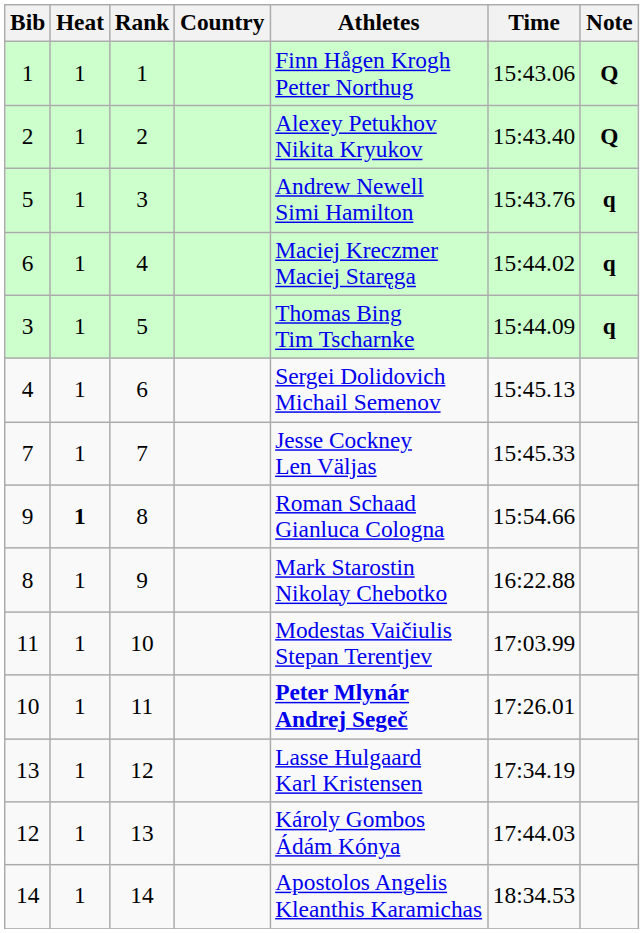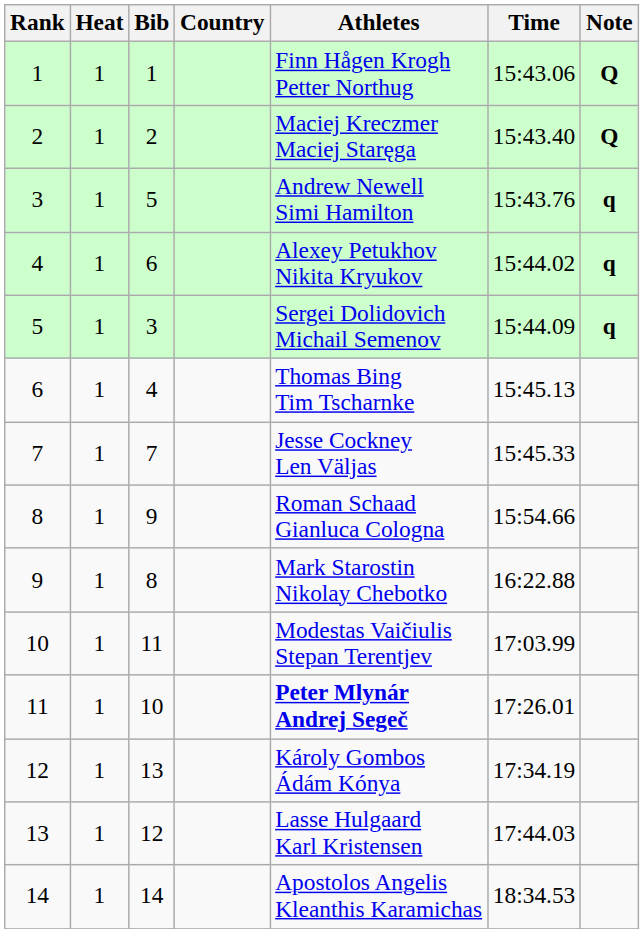 <table class="wikitable sortable" style="text-align:center">
 <tr>
+<th>Rank</th>
+<th>Heat</th>
 <th>Bib</th>
-<th>Heat</th>
-<th>Rank</th>
 <th>Country</th>
 <th>Athletes</th>
 <th>Time</th>
 <th>Note</th>
 </tr>
 <tr bgcolor=ccffcc>
 <td>1</td>
 <td>1</td>
 <td>1</td>
 <td align=left></td>
 <td align=left><a href='#'>Finn Hågen Krogh</a><br><a href='#'>Petter Northug</a></td>
 <td>15:43.06</td>
 <td><strong>Q</strong></td>
 </tr>
 <tr bgcolor=ccffcc>
 <td>2</td>
 <td>1</td>
 <td>2</td>
 <td align=left></td>
-<td align=left><a href='#'>Alexey Petukhov</a><br><a href='#'>Nikita Kryukov</a></td>
+<td align=left><a href='#'>Maciej Kreczmer</a><br><a href='#'>Maciej Staręga</a></td>
 <td>15:43.40</td>
 <td><strong>Q</strong></td>
+</tr>
+<tr bgcolor=ccffcc>
+<td>3</td>
+<td>1</td>
+<td>5</td>
+<td align=left></td>
+<td align=left><a href='#'>Andrew Newell</a><br><a href='#'>Simi Hamilton</a></td>
+<td>15:43.76</td>
+<td><strong>q</strong></td>
+</tr>
+<tr bgcolor=ccffcc>
+<td>4</td>
+<td>1</td>
+<td>6</td>
+<td align=left></td>
+<td align=left><a href='#'>Alexey Petukhov</a><br><a href='#'>Nikita Kryukov</a></td>
+<td>15:44.02</td>
+<td><strong>q</strong></td>
 </tr>
 <tr bgcolor=ccffcc>
 <td>5</td>
 <td>1</td>
 <td>3</td>
 <td align=left></td>
-<td align=left><a href='#'>Andrew Newell</a><br><a href='#'>Simi Hamilton</a></td>
-<td>15:43.76</td>
+<td align=left><a href='#'>Sergei Dolidovich</a><br><a href='#'>Michail Semenov</a></td>
+<td>15:44.09</td>
 <td><strong>q</strong></td>
 </tr>
-<tr bgcolor=ccffcc>
+<tr>
 <td>6</td>
 <td>1</td>
 <td>4</td>
 <td align=left></td>
-<td align=left><a href='#'>Maciej Kreczmer</a><br><a href='#'>Maciej Staręga</a></td>
-<td>15:44.02</td>
-<td><strong>q</strong></td>
-</tr>
-<tr bgcolor=ccffcc>
-<td>3</td>
-<td>1</td>
-<td>5</td>
-<td align=left></td>
 <td align=left><a href='#'>Thomas Bing</a><br><a href='#'>Tim Tscharnke</a></td>
-<td>15:44.09</td>
-<td><strong>q</strong></td>
-</tr>
-<tr>
-<td>4</td>
-<td>1</td>
-<td>6</td>
-<td align=left></td>
-<td align=left><a href='#'>Sergei Dolidovich</a><br><a href='#'>Michail Semenov</a></td>
 <td>15:45.13</td>
 <td></td>
 </tr>
 <tr>
 <td>7</td>
 <td>1</td>
 <td>7</td>
 <td align=left></td>
 <td align=left><a href='#'>Jesse Cockney</a><br><a href='#'>Len Väljas</a></td>
 <td>15:45.33</td>
 <td></td>
 </tr>
 <tr>
+<td>8</td>
+<td>1</td>
 <td>9</td>
-<td><strong>1</strong></td>
-<td>8</td>
 <td align=left></td>
 <td align=left><a href='#'>Roman Schaad</a><br><a href='#'>Gianluca Cologna</a></td>
 <td>15:54.66</td>
 <td></td>
 </tr>
 <tr>
+<td>9</td>
+<td>1</td>
 <td>8</td>
-<td>1</td>
-<td>9</td>
 <td align=left></td>
 <td align=left><a href='#'>Mark Starostin</a><br><a href='#'>Nikolay Chebotko</a></td>
 <td>16:22.88</td>
+<td></td>
+</tr>
+<tr>
+<td>10</td>
+<td>1</td>
+<td>11</td>
+<td align=left></td>
+<td align=left><a href='#'>Modestas Vaičiulis</a><br><a href='#'>Stepan Terentjev</a></td>
+<td>17:03.99</td>
 <td></td>
 </tr>
 <tr>
 <td>11</td>
 <td>1</td>
 <td>10</td>
 <td align=left></td>
-<td align=left><a href='#'>Modestas Vaičiulis</a><br><a href='#'>Stepan Terentjev</a></td>
-<td>17:03.99</td>
+<td align=left><strong><a href='#'>Peter Mlynár</a><br><a href='#'>Andrej Segeč</a></strong></td>
+<td>17:26.01</td>
 <td></td>
 </tr>
 <tr>
-<td>10</td>
+<td>12</td>
 <td>1</td>
-<td>11</td>
+<td>13</td>
 <td align=left></td>
-<td align=left><strong><a href='#'>Peter Mlynár</a><br><a href='#'>Andrej Segeč</a></strong></td>
-<td>17:26.01</td>
+<td align=left><a href='#'>Károly Gombos</a><br><a href='#'>Ádám Kónya</a></td>
+<td>17:34.19</td>
 <td></td>
 </tr>
 <tr>
 <td>13</td>
 <td>1</td>
 <td>12</td>
 <td align=left></td>
 <td align=left><a href='#'>Lasse Hulgaard</a><br><a href='#'>Karl Kristensen</a></td>
-<td>17:34.19</td>
-<td></td>
-</tr>
-<tr>
-<td>12</td>
-<td>1</td>
-<td>13</td>
-<td align=left></td>
-<td align=left><a href='#'>Károly Gombos</a><br><a href='#'>Ádám Kónya</a></td>
 <td>17:44.03</td>
 <td></td>
 </tr>
 <tr>
 <td>14</td>
 <td>1</td>
 <td>14</td>
 <td align=left></td>
 <td align=left><a href='#'>Apostolos Angelis</a><br><a href='#'>Kleanthis Karamichas</a></td>
 <td>18:34.53</td>
 <td></td>
 </tr>
 </table>
